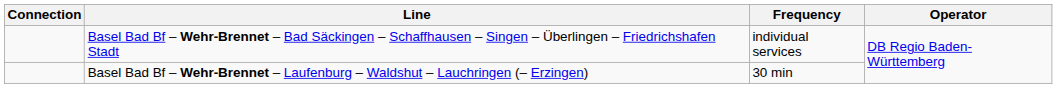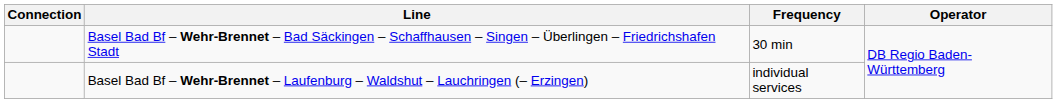 <table class="wikitable">
 <tr>
 <th>Connection</th>
 <th>Line</th>
 <th>Frequency</th>
 <th>Operator</th>
 </tr>
 <tr>
 <td align="center"></td>
 <td><a href='#'>Basel Bad Bf</a> – <strong>Wehr-Brennet</strong> – <a href='#'>Bad Säckingen</a> – <a href='#'>Schaffhausen</a> – <a href='#'>Singen</a> – Überlingen – <a href='#'>Friedrichshafen Stadt</a></td>
-<td>individual services</td>
+<td>30 min</td>
 <td rowspan="2"><a href='#'>DB Regio Baden-Württemberg</a></td>
 </tr>
 <tr>
 <td align="center"></td>
 <td>Basel Bad Bf – <strong>Wehr-Brennet</strong> – <a href='#'>Laufenburg</a> – <a href='#'>Waldshut</a> – <a href='#'>Lauchringen</a> (– <a href='#'>Erzingen</a>)</td>
-<td>30 min</td>
+<td>individual services</td>
 </tr>
 </table>
